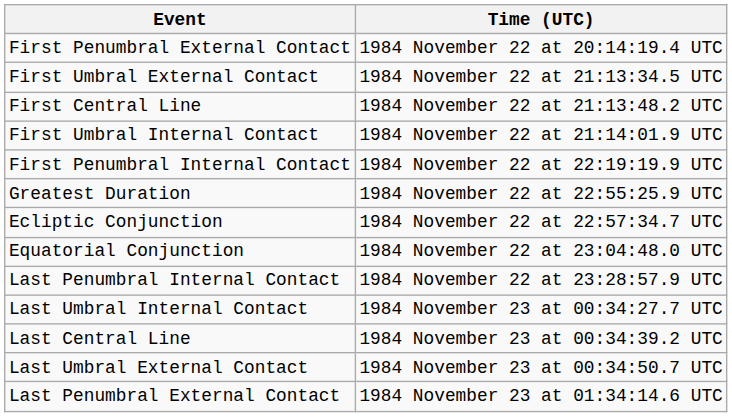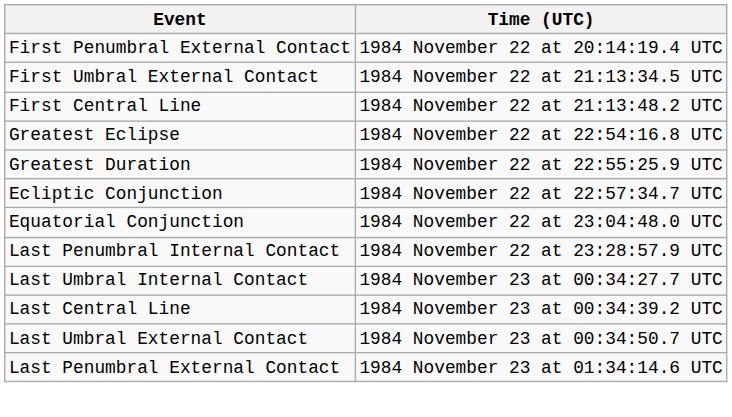 <table class="wikitable">
 <tr>
 <th>Event</th>
 <th>Time (UTC)</th>
 </tr>
 <tr>
 <td>First Penumbral External Contact</td>
 <td>1984 November 22 at 20:14:19.4 UTC</td>
 </tr>
 <tr>
 <td>First Umbral External Contact</td>
 <td>1984 November 22 at 21:13:34.5 UTC</td>
 </tr>
 <tr>
 <td>First Central Line</td>
 <td>1984 November 22 at 21:13:48.2 UTC</td>
 </tr>
 <tr>
-<td>First Umbral Internal Contact</td>
-<td>1984 November 22 at 21:14:01.9 UTC</td>
-</tr>
-<tr>
-<td>First Penumbral Internal Contact</td>
-<td>1984 November 22 at 22:19:19.9 UTC</td>
+<td>Greatest Eclipse</td>
+<td>1984 November 22 at 22:54:16.8 UTC</td>
 </tr>
 <tr>
 <td>Greatest Duration</td>
 <td>1984 November 22 at 22:55:25.9 UTC</td>
 </tr>
 <tr>
 <td>Ecliptic Conjunction</td>
 <td>1984 November 22 at 22:57:34.7 UTC</td>
 </tr>
 <tr>
 <td>Equatorial Conjunction</td>
 <td>1984 November 22 at 23:04:48.0 UTC</td>
 </tr>
 <tr>
 <td>Last Penumbral Internal Contact</td>
 <td>1984 November 22 at 23:28:57.9 UTC</td>
 </tr>
 <tr>
 <td>Last Umbral Internal Contact</td>
 <td>1984 November 23 at 00:34:27.7 UTC</td>
 </tr>
 <tr>
 <td>Last Central Line</td>
 <td>1984 November 23 at 00:34:39.2 UTC</td>
 </tr>
 <tr>
 <td>Last Umbral External Contact</td>
 <td>1984 November 23 at 00:34:50.7 UTC</td>
 </tr>
 <tr>
 <td>Last Penumbral External Contact</td>
 <td>1984 November 23 at 01:34:14.6 UTC</td>
 </tr>
 </table>
